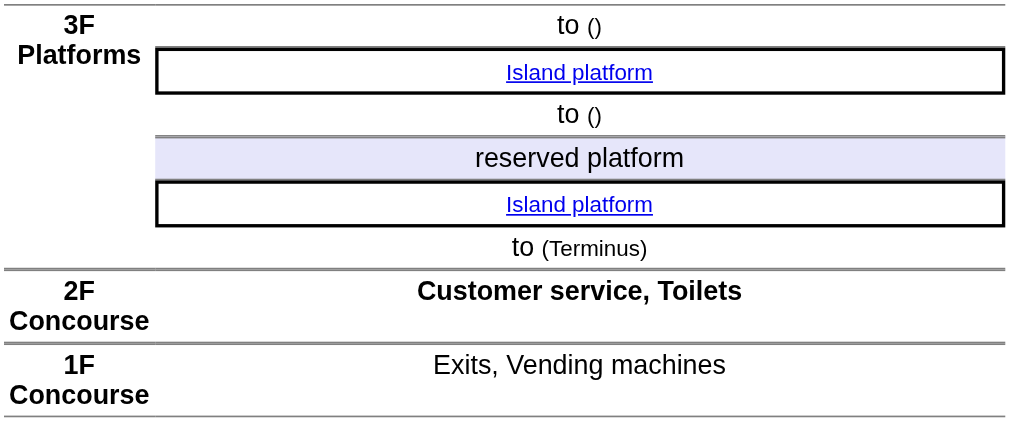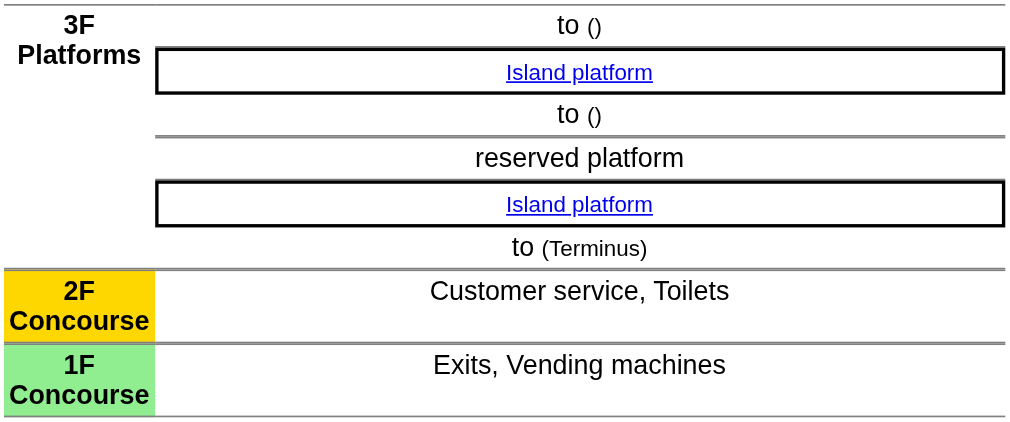 <table table border=0 cellspacing=0 cellpadding=3>
 <tr>
 <td style="border-bottom:solid 1px gray; border-top:solid 1px gray;text-align:center" rowspan="6" valign=top><strong>3F<br>Platforms</strong></td>
 <td style="border-bottom:solid 1px gray; border-top:solid 1px gray;text-align:center;">  to  <small>()</small></td>
 </tr>
 <tr>
 <td style="border-right:solid 2px black;border-left:solid 2px black;border-top:solid 2px black;border-bottom:solid 2px black;text-align:center;" colspan=2><small><a href='#'>Island platform</a></small></td>
 </tr>
 <tr>
 <td style="border-bottom:solid 1px gray;text-align:center;"> to  <small>()</small> </td>
 </tr>
 <tr>
-<td style="background: lavender; border-bottom:solid 1px gray; border-top:solid 1px gray;text-align:center;"> reserved platform</td>
+<td style="border-bottom:solid 1px gray; border-top:solid 1px gray;text-align:center;"> reserved platform</td>
 </tr>
 <tr>
 <td style="border-right:solid 2px black;border-left:solid 2px black;border-top:solid 2px black;border-bottom:solid 2px black;text-align:center;" colspan=2><small><a href='#'>Island platform</a></small></td>
 </tr>
 <tr>
 <td style="border-bottom:solid 1px gray;text-align:center;"> to  <small>(Terminus)</small> </td>
 </tr>
 <tr>
-<td style="border-bottom:solid 1px gray; border-top:solid 1px gray;text-align:center" valign=top><strong>2F<br>Concourse</strong></td>
-<td style="border-bottom:solid 1px gray; border-top:solid 1px gray;text-align:center;" valign=top width=500><strong>Customer service, Toilets</strong></td>
+<td style="background: gold; border-bottom:solid 1px gray; border-top:solid 1px gray;text-align:center" valign=top><strong>2F<br>Concourse</strong></td>
+<td style="border-bottom:solid 1px gray; border-top:solid 1px gray;text-align:center;" valign=top width=500>Customer service, Toilets</td>
 </tr>
 <tr>
-<td style="border-bottom:solid 1px gray; border-top:solid 1px gray;text-align:center" valign=top><strong>1F<br>Concourse</strong></td>
+<td style="background: lightgreen; border-bottom:solid 1px gray; border-top:solid 1px gray;text-align:center" valign=top><strong>1F<br>Concourse</strong></td>
 <td style="border-bottom:solid 1px gray; border-top:solid 1px gray;text-align:center;" valign=top width=500>Exits, Vending machines</td>
 </tr>
 </table>
